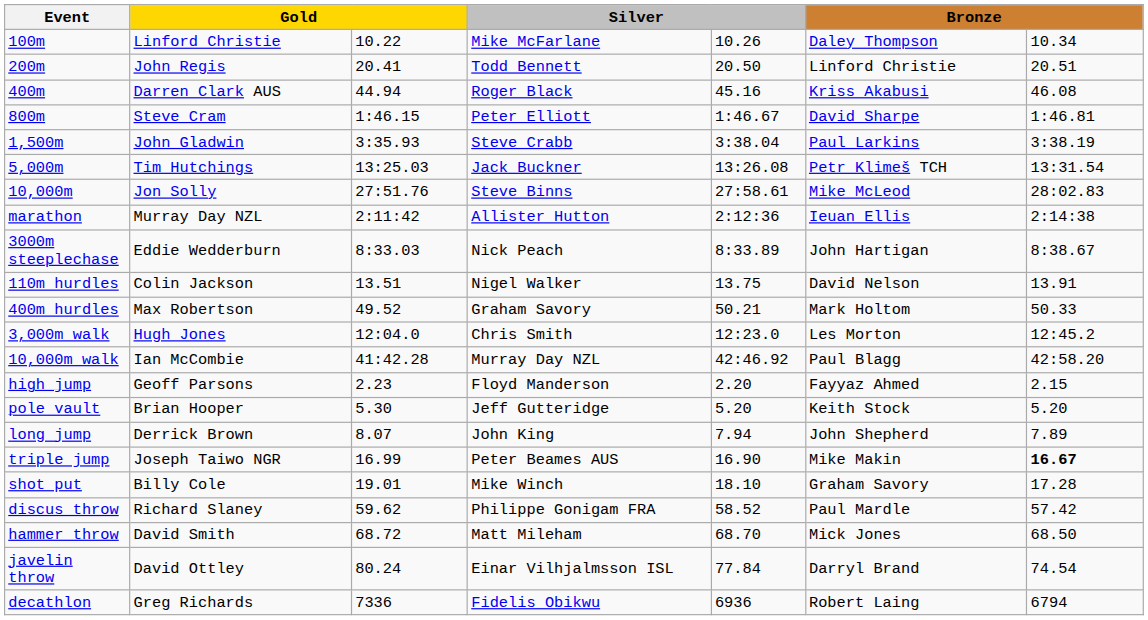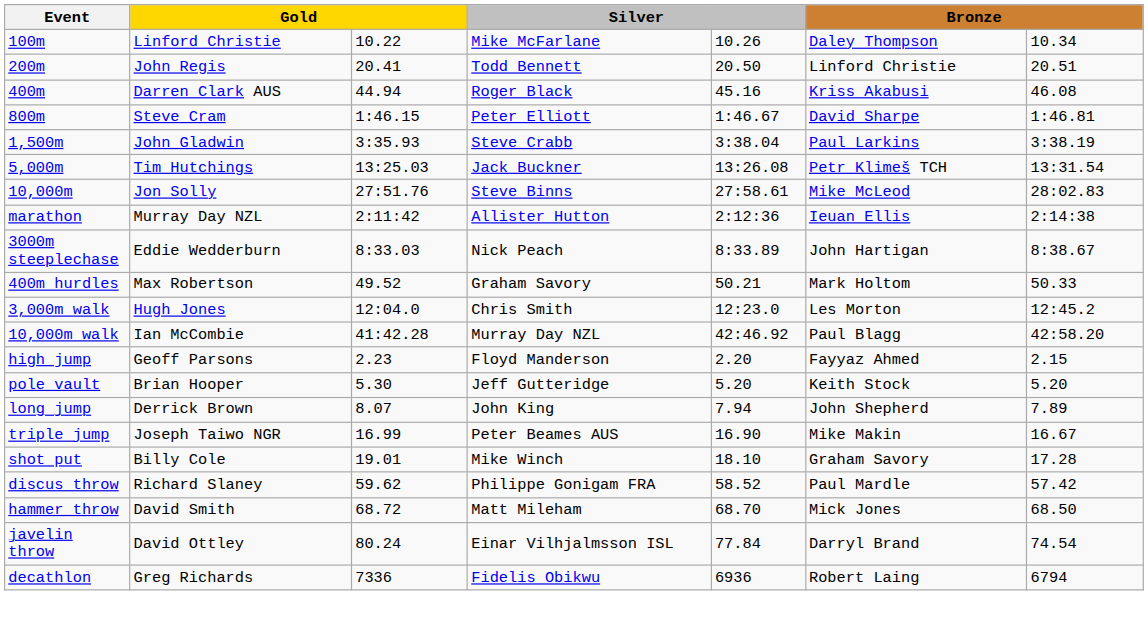 <table class="wikitable" style="text-align:left">
 <tr>
 <th width=100>Event</th>
 <th colspan="2" width="280" style="background:gold;">Gold</th>
 <th colspan="2" width="280" style="background:silver;">Silver</th>
 <th colspan="2" width="280" style="background:#CD7F32;">Bronze</th>
 </tr>
 <tr>
 <td><a href='#'>100m</a></td>
 <td><a href='#'>Linford Christie</a></td>
 <td>10.22</td>
 <td><a href='#'>Mike McFarlane</a></td>
 <td>10.26</td>
 <td><a href='#'>Daley Thompson</a></td>
 <td>10.34</td>
 </tr>
 <tr>
 <td><a href='#'>200m</a></td>
 <td><a href='#'>John Regis</a></td>
 <td>20.41</td>
 <td><a href='#'>Todd Bennett</a></td>
 <td>20.50</td>
 <td>Linford Christie</td>
 <td>20.51</td>
 </tr>
 <tr>
 <td><a href='#'>400m</a></td>
 <td><a href='#'>Darren Clark</a> AUS</td>
 <td>44.94</td>
 <td><a href='#'>Roger Black</a></td>
 <td>45.16</td>
 <td><a href='#'>Kriss Akabusi</a></td>
 <td>46.08</td>
 </tr>
 <tr>
 <td><a href='#'>800m</a></td>
 <td><a href='#'>Steve Cram</a></td>
 <td>1:46.15</td>
 <td><a href='#'>Peter Elliott</a></td>
 <td>1:46.67</td>
 <td><a href='#'>David Sharpe</a></td>
 <td>1:46.81</td>
 </tr>
 <tr>
 <td><a href='#'>1,500m</a></td>
 <td><a href='#'>John Gladwin</a></td>
 <td>3:35.93</td>
 <td><a href='#'>Steve Crabb</a></td>
 <td>3:38.04</td>
 <td><a href='#'>Paul Larkins</a></td>
 <td>3:38.19</td>
 </tr>
 <tr>
 <td><a href='#'>5,000m</a></td>
 <td><a href='#'>Tim Hutchings</a></td>
 <td>13:25.03</td>
 <td><a href='#'>Jack Buckner</a></td>
 <td>13:26.08</td>
 <td><a href='#'>Petr Klimeš</a> TCH</td>
 <td>13:31.54</td>
 </tr>
 <tr>
 <td><a href='#'>10,000m</a></td>
 <td><a href='#'>Jon Solly</a></td>
 <td>27:51.76</td>
 <td><a href='#'>Steve Binns</a></td>
 <td>27:58.61</td>
 <td><a href='#'>Mike McLeod</a></td>
 <td>28:02.83</td>
 </tr>
 <tr>
 <td><a href='#'>marathon</a></td>
 <td>Murray Day NZL</td>
 <td>2:11:42</td>
 <td> <a href='#'>Allister Hutton</a></td>
 <td>2:12:36</td>
 <td><a href='#'>Ieuan Ellis</a></td>
 <td>2:14:38</td>
 </tr>
 <tr>
 <td><a href='#'>3000m steeplechase</a></td>
 <td>Eddie Wedderburn</td>
 <td>8:33.03</td>
 <td>Nick Peach</td>
 <td>8:33.89</td>
 <td>John Hartigan</td>
 <td>8:38.67</td>
 </tr>
 <tr>
-<td><a href='#'>110m hurdles</a></td>
-<td>Colin Jackson</td>
-<td>13.51</td>
-<td>Nigel Walker</td>
-<td>13.75</td>
-<td>David Nelson</td>
-<td>13.91</td>
-</tr>
-<tr>
 <td><a href='#'>400m hurdles</a></td>
 <td>Max Robertson</td>
 <td>49.52</td>
 <td>Graham Savory</td>
 <td>50.21</td>
 <td>Mark Holtom</td>
 <td>50.33</td>
 </tr>
 <tr>
 <td><a href='#'>3,000m walk</a></td>
 <td><a href='#'>Hugh Jones</a></td>
 <td>12:04.0</td>
 <td>Chris Smith</td>
 <td>12:23.0</td>
 <td>Les Morton</td>
 <td>12:45.2</td>
 </tr>
 <tr>
 <td><a href='#'>10,000m walk</a></td>
 <td>Ian McCombie</td>
 <td>41:42.28</td>
 <td>Murray Day NZL</td>
 <td>42:46.92</td>
 <td>Paul Blagg</td>
 <td>42:58.20</td>
 </tr>
 <tr>
 <td><a href='#'>high jump</a></td>
 <td> Geoff Parsons</td>
 <td>2.23</td>
 <td>Floyd Manderson</td>
 <td>2.20</td>
 <td>Fayyaz Ahmed</td>
 <td>2.15</td>
 </tr>
 <tr>
 <td><a href='#'>pole vault</a></td>
 <td>Brian Hooper</td>
 <td>5.30</td>
 <td>Jeff Gutteridge</td>
 <td>5.20</td>
 <td>Keith Stock</td>
 <td>5.20</td>
 </tr>
 <tr>
 <td><a href='#'>long jump</a></td>
 <td>Derrick Brown</td>
 <td>8.07</td>
 <td>John King</td>
 <td>7.94</td>
 <td>John Shepherd</td>
 <td>7.89</td>
 </tr>
 <tr>
 <td><a href='#'>triple jump</a></td>
 <td>Joseph Taiwo NGR</td>
 <td>16.99</td>
 <td>Peter Beames AUS</td>
 <td>16.90</td>
 <td>Mike Makin</td>
-<td><strong>16.67</strong></td>
+<td>16.67</td>
 </tr>
 <tr>
 <td><a href='#'>shot put</a></td>
 <td>Billy Cole</td>
 <td>19.01</td>
 <td>Mike Winch</td>
 <td>18.10</td>
 <td>Graham Savory</td>
 <td>17.28</td>
 </tr>
 <tr>
 <td><a href='#'>discus throw</a></td>
 <td>Richard Slaney</td>
 <td>59.62</td>
 <td>Philippe Gonigam FRA</td>
 <td>58.52</td>
 <td>Paul Mardle</td>
 <td>57.42</td>
 </tr>
 <tr>
 <td><a href='#'>hammer throw</a></td>
 <td>David Smith</td>
 <td>68.72</td>
 <td>Matt Mileham</td>
 <td>68.70</td>
 <td>Mick Jones</td>
 <td>68.50</td>
 </tr>
 <tr>
 <td><a href='#'>javelin throw</a></td>
 <td>David Ottley</td>
 <td>80.24</td>
 <td>Einar Vilhjalmsson ISL</td>
 <td>77.84</td>
 <td>Darryl Brand</td>
 <td>74.54</td>
 </tr>
 <tr>
 <td><a href='#'>decathlon</a></td>
 <td>Greg Richards</td>
 <td>7336</td>
 <td><a href='#'>Fidelis Obikwu</a></td>
 <td>6936</td>
 <td>Robert Laing</td>
 <td>6794</td>
 </tr>
 </table>
